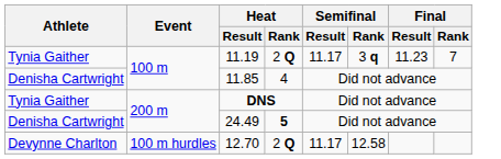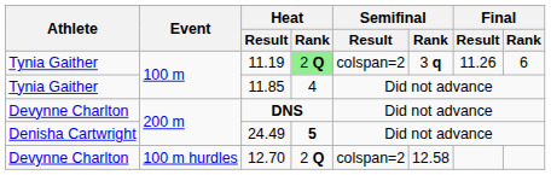 <table class="wikitable" style="font-size:90%; text-align:center">
 <tr>
 <th rowspan=2>Athlete</th>
 <th rowspan=2>Event</th>
 <th colspan=2>Heat</th>
 <th colspan=2>Semifinal</th>
 <th colspan=2>Final</th>
 </tr>
 <tr style="font-size:95%">
 <th>Result</th>
 <th>Rank</th>
 <th>Result</th>
 <th>Rank</th>
 <th>Result</th>
 <th>Rank</th>
 </tr>
 <tr>
 <td align=left><a href='#'>Tynia Gaither</a></td>
 <td align=left rowspan=2><a href='#'>100 m</a></td>
 <td>11.19</td>
-<td>2 <strong>Q</strong></td>
-<td>11.17</td>
+<td style="background: lightgreen;">2 <strong>Q</strong></td>
+<td>colspan=2 </td>
 <td>3 <strong>q</strong></td>
-<td>11.23</td>
-<td>7</td>
+<td>11.26</td>
+<td>6</td>
 </tr>
 <tr>
-<td align=left><a href='#'>Denisha Cartwright</a></td>
+<td align=left><a href='#'>Tynia Gaither</a></td>
 <td>11.85</td>
 <td>4</td>
 <td colspan=4>Did not advance</td>
 </tr>
 <tr>
-<td align=left><a href='#'>Tynia Gaither</a></td>
+<td align=left><a href='#'>Devynne Charlton</a></td>
 <td align=left rowspan=2><a href='#'>200 m</a></td>
 <td colspan=2><strong>DNS</strong></td>
 <td colspan=4>Did not advance</td>
 </tr>
 <tr>
 <td align=left><a href='#'>Denisha Cartwright</a></td>
 <td>24.49</td>
 <td><strong>5</strong></td>
 <td colspan=4>Did not advance</td>
 </tr>
 <tr>
 <td align=left><a href='#'>Devynne Charlton</a></td>
 <td align=left rowspan=1><a href='#'>100 m hurdles</a></td>
 <td>12.70</td>
 <td>2 <strong>Q</strong></td>
-<td>11.17</td>
+<td>colspan=2 </td>
 <td>12.58</td>
 <td></td>
 </tr>
 </table>
